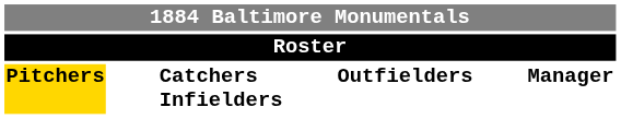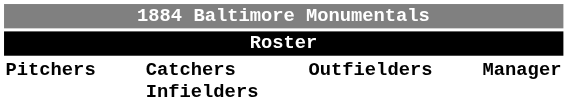 <table class="toccolours" style="font-size: 95%;">
 <tr>
 <th colspan="10" style="background-color: gray; color: white; text-align: center;">1884 Baltimore Monumentals</th>
 </tr>
 <tr>
 <td colspan="10" style="background-color: black; color: white; text-align: center;"><strong>Roster</strong></td>
 </tr>
 <tr>
-<td valign="top" style="background: gold;"><strong>Pitchers</strong><br>    </td>
+<td valign="top"><strong>Pitchers</strong><br>    </td>
 <td width="25px"></td>
 <td valign="top"><strong>Catchers</strong><br>     <strong>Infielders</strong>         </td>
 <td width="25px"></td>
 <td valign="top"><strong>Outfielders</strong><br>                </td>
 <td width="25px"></td>
 <td valign="top"><strong>Manager</strong><br></td>
 </tr>
 </table>
